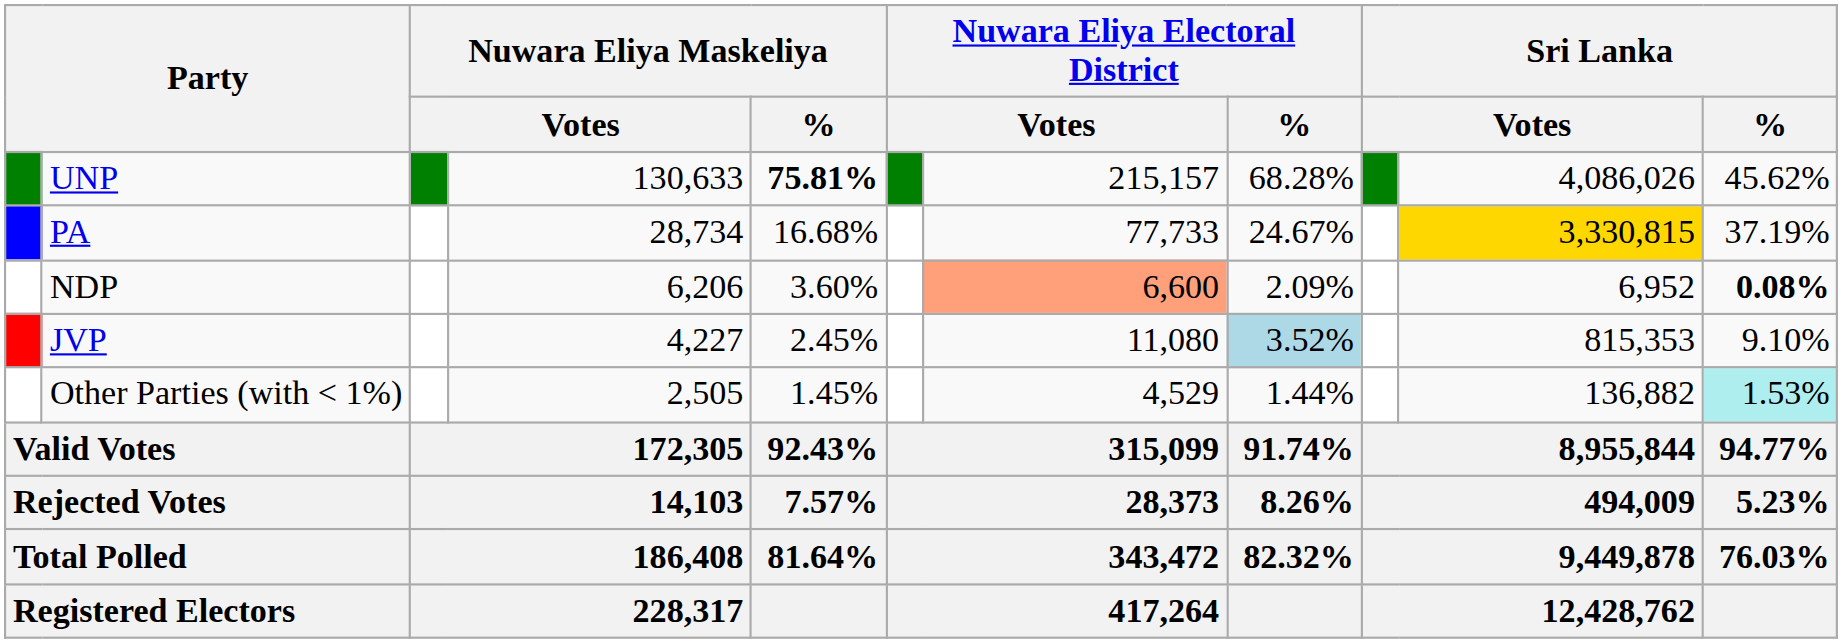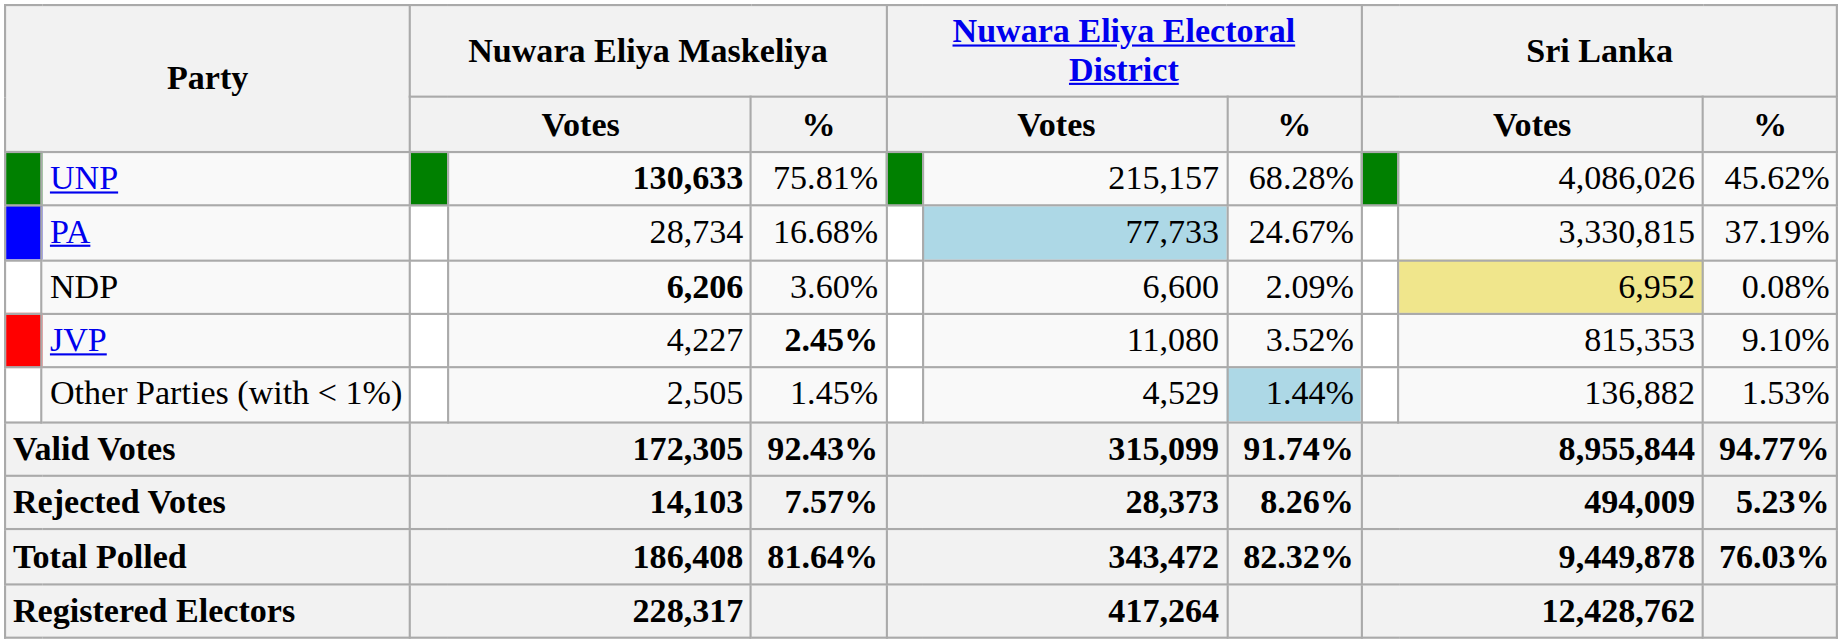 <table class="wikitable">
 <tr>
 <th colspan="2" width="144px"rowspan="2">Party</th>
 <th colspan="3" width="216px">Nuwara Eliya Maskeliya</th>
 <th colspan="3" width="216px"><a href='#'>Nuwara Eliya Electoral District</a></th>
 <th colspan="3" width="216px">Sri Lanka</th>
 </tr>
 <tr>
 <th colspan="2" width="144px">Votes</th>
 <th>%</th>
 <th colspan="2" width="144px">Votes</th>
 <th>%</th>
 <th colspan="2" width="144px">Votes</th>
 <th>%</th>
 </tr>
 <tr>
 <td style="background-color:green;" width="10px"></td>
 <td style="text-align:left;"><a href='#'>UNP</a></td>
 <td style="background-color:green;" width="10px"></td>
-<td style="text-align:right;">130,633</td>
-<td style="text-align:right;"><strong>75.81%</strong></td>
+<td style="text-align:right;"><strong>130,633</strong></td>
+<td style="text-align:right;">75.81%</td>
 <td style="background-color:green;" width="10px"></td>
 <td style="text-align:right;">215,157</td>
 <td style="text-align:right;">68.28%</td>
 <td style="background-color:green;" width="10px"></td>
 <td style="text-align:right;">4,086,026</td>
 <td style="text-align:right;">45.62%</td>
 </tr>
 <tr>
 <td style="background-color:blue;" width="10px"></td>
 <td style="text-align:left;"><a href='#'>PA</a></td>
 <td style="background-color:white;" width="10px"></td>
 <td style="text-align:right;">28,734</td>
 <td style="text-align:right;">16.68%</td>
 <td style="background-color:white;" width="10px"></td>
-<td style="text-align:right;">77,733</td>
+<td style="background: lightblue; text-align:right;">77,733</td>
 <td style="text-align:right;">24.67%</td>
 <td style="background-color:white;" width="10px"></td>
-<td style="background: gold; text-align:right;">3,330,815</td>
+<td style="text-align:right;">3,330,815</td>
 <td style="text-align:right;">37.19%</td>
 </tr>
 <tr>
 <td style="background-color:white;" width="10px"></td>
 <td style="text-align:left;">NDP</td>
 <td style="background-color:white;" width="10px"></td>
-<td style="text-align:right;">6,206</td>
+<td style="text-align:right;"><strong>6,206</strong></td>
 <td style="text-align:right;">3.60%</td>
 <td style="background-color:white;" width="10px"></td>
-<td style="background: lightsalmon; text-align:right;">6,600</td>
+<td style="text-align:right;">6,600</td>
 <td style="text-align:right;">2.09%</td>
 <td style="background-color:white;" width="10px"></td>
-<td style="text-align:right;">6,952</td>
-<td style="text-align:right;"><strong>0.08%</strong></td>
+<td style="background: khaki; text-align:right;">6,952</td>
+<td style="text-align:right;">0.08%</td>
 </tr>
 <tr>
 <td style="background-color:red;" width="10px"></td>
 <td style="text-align:left;"><a href='#'>JVP</a></td>
 <td style="background-color:white;" width="10px"></td>
 <td style="text-align:right;">4,227</td>
-<td style="text-align:right;">2.45%</td>
+<td style="text-align:right;"><strong>2.45%</strong></td>
 <td style="background-color:white;" width="10px"></td>
 <td style="text-align:right;">11,080</td>
-<td style="background: lightblue; text-align:right;">3.52%</td>
+<td style="text-align:right;">3.52%</td>
 <td style="background-color:white;" width="10px"></td>
 <td style="text-align:right;">815,353</td>
 <td style="text-align:right;">9.10%</td>
 </tr>
 <tr>
 <td style="background-color:white;" width="10px"></td>
 <td style="text-align:left;">Other Parties (with < 1%)</td>
 <td style="background-color:white;" width="10px"></td>
 <td style="text-align:right;">2,505</td>
 <td style="text-align:right;">1.45%</td>
 <td style="background-color:white;" width="10px"></td>
 <td style="text-align:right;">4,529</td>
-<td style="text-align:right;">1.44%</td>
+<td style="background: lightblue; text-align:right;">1.44%</td>
 <td style="background-color:white;" width="10px"></td>
 <td style="text-align:right;">136,882</td>
-<td style="background: paleturquoise; text-align:right;">1.53%</td>
+<td style="text-align:right;">1.53%</td>
 </tr>
 <tr>
 <th colspan="2" width="144px"style="text-align:left;">Valid Votes</th>
 <th style="text-align:right;"colspan="2" width="144px">172,305</th>
 <th style="text-align:right;">92.43%</th>
 <th style="text-align:right;"colspan="2" width="144px">315,099</th>
 <th style="text-align:right;">91.74%</th>
 <th style="text-align:right;"colspan="2" width="144px">8,955,844</th>
 <th style="text-align:right;">94.77%</th>
 </tr>
 <tr>
 <th colspan="2" width="144px"style="text-align:left;">Rejected Votes</th>
 <th style="text-align:right;"colspan="2" width="144px">14,103</th>
 <th style="text-align:right;">7.57%</th>
 <th style="text-align:right;"colspan="2" width="144px">28,373</th>
 <th style="text-align:right;">8.26%</th>
 <th style="text-align:right;"colspan="2" width="144px">494,009</th>
 <th style="text-align:right;">5.23%</th>
 </tr>
 <tr>
 <th colspan="2" width="144px"style="text-align:left;">Total Polled</th>
 <th style="text-align:right;"colspan="2" width="144px">186,408</th>
 <th style="text-align:right;">81.64%</th>
 <th style="text-align:right;"colspan="2" width="144px">343,472</th>
 <th style="text-align:right;">82.32%</th>
 <th style="text-align:right;"colspan="2" width="144px">9,449,878</th>
 <th style="text-align:right;">76.03%</th>
 </tr>
 <tr>
 <th colspan="2" width="144px"style="text-align:left;">Registered Electors</th>
 <th style="text-align:right;"colspan="2" width="144px">228,317</th>
 <th></th>
 <th style="text-align:right;"colspan="2" width="144px">417,264</th>
 <th></th>
 <th style="text-align:right;"colspan="2" width="144px">12,428,762</th>
 <th></th>
 </tr>
 </table>
